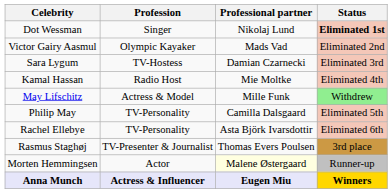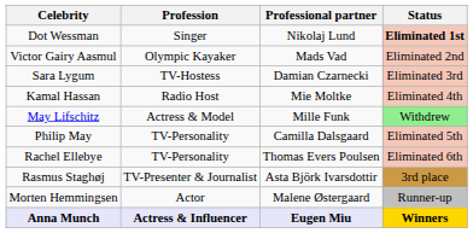 <table class= "wikitable sortable" style="text-align: center; margin:auto; align: center">
 <tr>
 <th>Celebrity</th>
 <th>Profession</th>
 <th>Professional partner</th>
 <th>Status</th>
 </tr>
 <tr>
 <td>Dot Wessman</td>
 <td>Singer</td>
 <td>Nikolaj Lund</td>
 <td style="background:#f4c7b8;"><strong>Eliminated 1st</strong></td>
 </tr>
 <tr>
 <td>Victor Gairy Aasmul</td>
 <td>Olympic Kayaker</td>
 <td>Mads Vad</td>
 <td style="background:#f4c7b8;">Eliminated 2nd</td>
 </tr>
 <tr>
 <td>Sara Lygum</td>
 <td>TV-Hostess</td>
 <td>Damian Czarnecki</td>
 <td style="background:#f4c7b8;">Eliminated 3rd</td>
 </tr>
 <tr>
 <td>Kamal Hassan</td>
 <td>Radio Host</td>
 <td>Mie Moltke</td>
 <td style="background:#f4c7b8;">Eliminated 4th</td>
 </tr>
 <tr>
 <td><a href='#'>May Lifschitz</a></td>
 <td>Actress & Model</td>
 <td>Mille Funk</td>
 <td style="background:lightgreen;">Withdrew</td>
 </tr>
 <tr>
 <td>Philip May</td>
 <td>TV-Personality</td>
 <td>Camilla Dalsgaard</td>
 <td style="background:#f4c7b8;">Eliminated 5th</td>
 </tr>
 <tr>
 <td>Rachel Ellebye</td>
 <td>TV-Personality</td>
-<td>Asta Björk Ivarsdottir</td>
+<td>Thomas Evers Poulsen</td>
 <td style="background:#f4c7b8;">Eliminated 6th</td>
 </tr>
 <tr>
 <td>Rasmus Staghøj</td>
 <td>TV-Presenter & Journalist</td>
-<td>Thomas Evers Poulsen</td>
+<td>Asta Björk Ivarsdottir</td>
 <td style="background:#c94;">3rd place</td>
 </tr>
 <tr>
 <td>Morten Hemmingsen</td>
 <td>Actor</td>
-<td style="background: lightyellow;">Malene Østergaard</td>
+<td>Malene Østergaard</td>
 <td style="background:silver;">Runner-up</td>
 </tr>
 <tr style="background:lavender;">
 <td><strong>Anna Munch</strong></td>
 <td><strong>Actress & Influencer</strong></td>
 <td><strong>Eugen Miu</strong></td>
 <td style="background:gold;"><strong>Winners</strong></td>
 </tr>
 </table>
